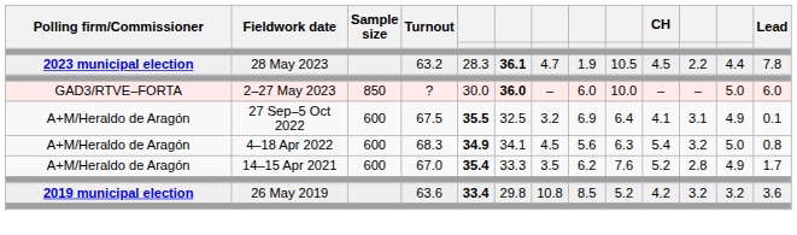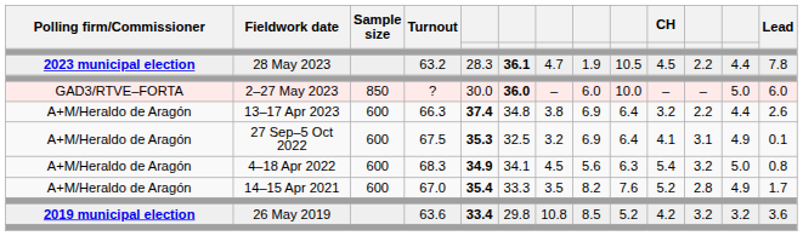 <table class="wikitable collapsible collapsed" style="text-align:center; font-size:95%; line-height:16px;">
 <tr style="height:42px;">
 <th style="width:250px;" rowspan="2">Polling firm/Commissioner</th>
 <th style="width:125px;" rowspan="2">Fieldwork date</th>
 <th style="width:50px;" rowspan="2">Sample size</th>
 <th style="width:45px;" rowspan="2">Turnout</th>
 <th style="width:35px;"></th>
 <th style="width:35px;"></th>
 <th style="width:35px;"></th>
 <th style="width:35px;"></th>
 <th style="width:35px;"></th>
 <th style="width:35px;">CH</th>
 <th style="width:35px;"></th>
 <th style="width:35px;"></th>
 <th style="width:30px;" rowspan="2">Lead</th>
 </tr>
 <tr>
 <th style="color:inherit;background:"></th>
 <th style="color:inherit;background:"></th>
 <th style="color:inherit;background:"></th>
 <th style="color:inherit;background:"></th>
 <th style="color:inherit;background:"></th>
 <th style="color:inherit;background:"></th>
 <th style="color:inherit;background:"></th>
 <th style="color:inherit;background:"></th>
 </tr>
 <tr>
 <td colspan="13" style="background:#A0A0A0"></td>
 </tr>
 <tr style="background:#EFEFEF;">
 <td><strong><a href='#'>2023 municipal election</a></strong></td>
 <td>28 May 2023</td>
 <td></td>
 <td>63.2</td>
 <td>28.3<br></td>
 <td><strong>36.1</strong><br></td>
 <td>4.7<br></td>
 <td>1.9<br></td>
 <td>10.5<br></td>
 <td>4.5<br></td>
 <td>2.2<br></td>
 <td>4.4<br></td>
 <td style="background:">7.8</td>
 </tr>
 <tr>
 <td colspan="13" style="background:#A0A0A0"></td>
 </tr>
 <tr style="background:#FFEAEA;">
 <td>GAD3/RTVE–FORTA</td>
 <td>2–27 May 2023</td>
 <td>850</td>
 <td>?</td>
 <td>30.0<br></td>
 <td><strong>36.0</strong><br></td>
 <td>–</td>
 <td>6.0<br></td>
 <td>10.0<br></td>
 <td>–</td>
 <td>–</td>
 <td>5.0<br></td>
 <td style="background:">6.0</td>
 </tr>
 <tr>
 <td>A+M/Heraldo de Aragón</td>
+<td>13–17 Apr 2023</td>
+<td>600</td>
+<td>66.3</td>
+<td><strong>37.4</strong><br></td>
+<td>34.8<br></td>
+<td>3.8<br></td>
+<td>6.9<br></td>
+<td>6.4<br></td>
+<td>3.2<br></td>
+<td>2.2<br></td>
+<td>4.4<br></td>
+<td style="background:">2.6</td>
+</tr>
+<tr>
+<td>A+M/Heraldo de Aragón</td>
 <td>27 Sep–5 Oct 2022</td>
 <td>600</td>
 <td>67.5</td>
-<td><strong>35.5</strong><br></td>
+<td><strong>35.3</strong><br></td>
 <td>32.5<br></td>
 <td>3.2<br></td>
 <td>6.9<br></td>
 <td>6.4<br></td>
 <td>4.1<br></td>
 <td>3.1<br></td>
 <td>4.9<br></td>
 <td style="background:">0.1</td>
 </tr>
 <tr>
 <td>A+M/Heraldo de Aragón</td>
 <td>4–18 Apr 2022</td>
 <td>600</td>
 <td>68.3</td>
 <td><strong>34.9</strong><br></td>
 <td>34.1<br></td>
 <td>4.5<br></td>
 <td>5.6<br></td>
 <td>6.3<br></td>
 <td>5.4<br></td>
 <td>3.2<br></td>
 <td>5.0<br></td>
 <td style="background:">0.8</td>
 </tr>
 <tr>
 <td>A+M/Heraldo de Aragón</td>
 <td>14–15 Apr 2021</td>
 <td>600</td>
 <td>67.0</td>
 <td><strong>35.4</strong><br></td>
 <td>33.3<br></td>
 <td>3.5<br></td>
-<td>6.2<br></td>
+<td>8.2<br></td>
 <td>7.6<br></td>
 <td>5.2<br></td>
 <td>2.8<br></td>
 <td>4.9<br></td>
 <td style="background:">1.7</td>
 </tr>
 <tr>
 <td colspan="13" style="background:#A0A0A0"></td>
 </tr>
 <tr style="background:#EFEFEF;">
 <td><strong><a href='#'>2019 municipal election</a></strong></td>
 <td>26 May 2019</td>
 <td></td>
 <td>63.6</td>
 <td><strong>33.4</strong><br></td>
 <td>29.8<br></td>
 <td>10.8<br></td>
 <td>8.5<br></td>
 <td>5.2<br></td>
 <td>4.2<br></td>
 <td>3.2<br></td>
 <td>3.2<br></td>
 <td style="background:">3.6</td>
 </tr>
 <tr>
 <td colspan="13" style="background:#A0A0A0"></td>
 </tr>
 </table>
